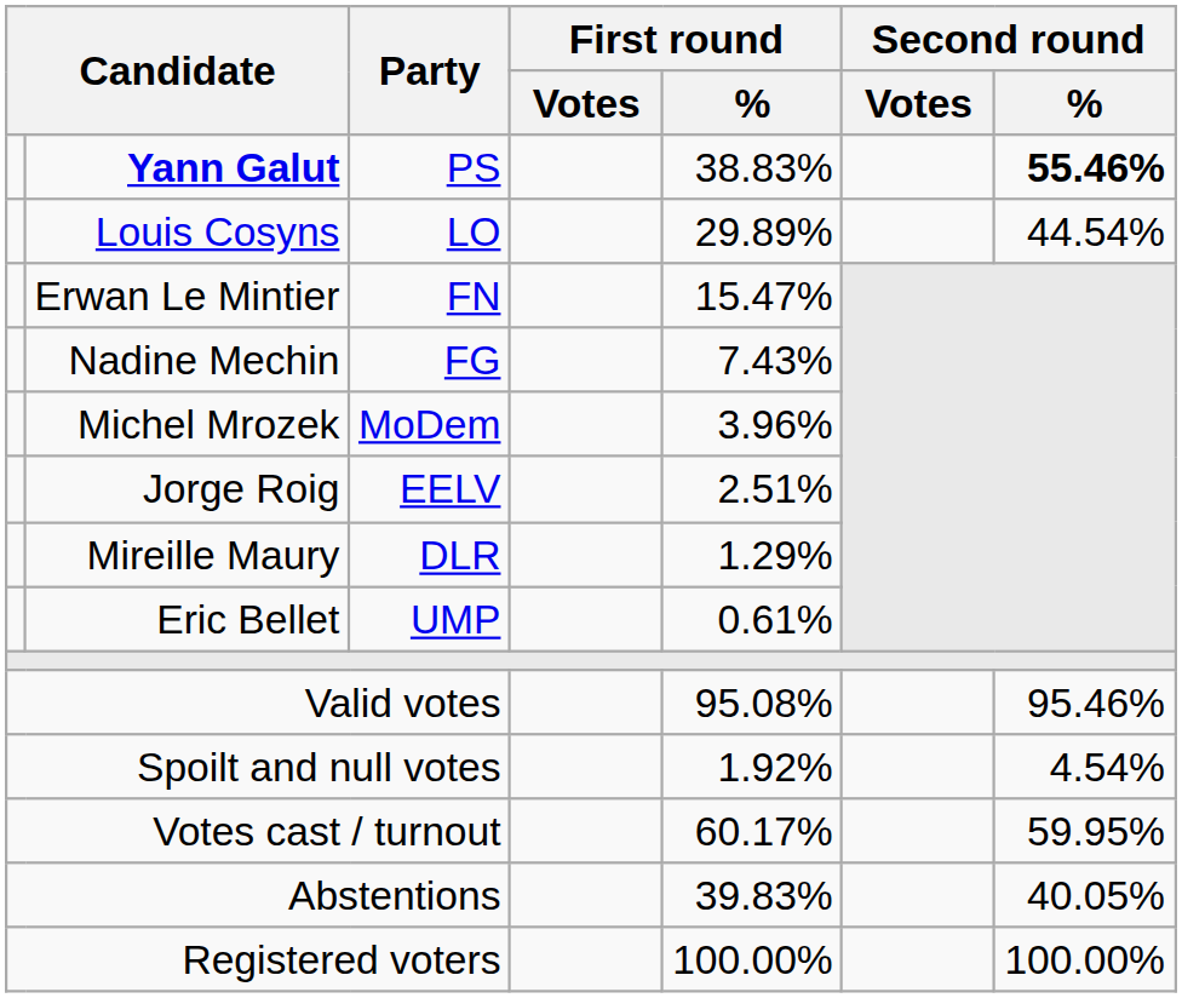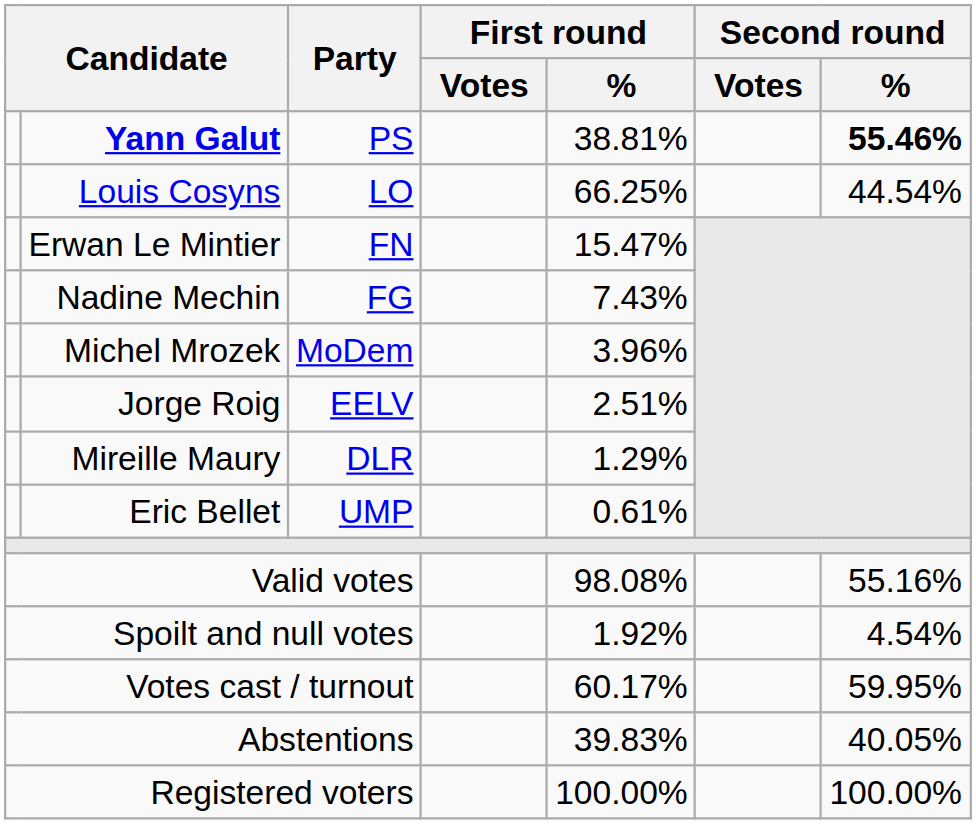 <table class="wikitable" style="text-align:right;font-size:95%;">
 <tr>
 <th rowspan=2 colspan=2>Candidate</th>
 <th rowspan=2 colspan=1>Party</th>
 <th colspan=2>First round</th>
 <th colspan=2>Second round</th>
 </tr>
 <tr>
 <th style="width:50px;">Votes</th>
 <th style="width:55px;">%</th>
 <th style="width:50px;">Votes</th>
 <th style="width:55px;">%</th>
 </tr>
 <tr>
 <td style="color:inherit;background-color:"></td>
 <td><strong><a href='#'>Yann Galut</a></strong></td>
 <td><a href='#'>PS</a></td>
 <td></td>
-<td>38.83%</td>
+<td>38.81%</td>
 <td><strong></strong></td>
 <td><strong>55.46%</strong></td>
 </tr>
 <tr>
 <td style="color:inherit;background-color:"></td>
 <td><a href='#'>Louis Cosyns</a></td>
 <td><a href='#'>LO</a></td>
 <td></td>
-<td>29.89%</td>
+<td>66.25%</td>
 <td></td>
 <td>44.54%</td>
 </tr>
 <tr>
 <td style="color:inherit;background-color:"></td>
 <td>Erwan Le Mintier</td>
 <td><a href='#'>FN</a></td>
 <td></td>
 <td>15.47%</td>
 <td colspan=7 rowspan=6 style="background-color:#E9E9E9;"></td>
 </tr>
 <tr>
 <td style="color:inherit;background-color:"></td>
 <td>Nadine Mechin</td>
 <td><a href='#'>FG</a></td>
 <td></td>
 <td>7.43%</td>
 </tr>
 <tr>
 <td style="color:inherit;background-color:"></td>
 <td>Michel Mrozek</td>
 <td><a href='#'>MoDem</a></td>
 <td></td>
 <td>3.96%</td>
 </tr>
 <tr>
 <td style="color:inherit;background-color:"></td>
 <td>Jorge Roig</td>
 <td><a href='#'>EELV</a></td>
 <td></td>
 <td>2.51%</td>
 </tr>
 <tr>
 <td style="color:inherit;background-color:"></td>
 <td>Mireille Maury</td>
 <td><a href='#'>DLR</a></td>
 <td></td>
 <td>1.29%</td>
 </tr>
 <tr>
 <td style="color:inherit;background-color:"></td>
 <td>Eric Bellet</td>
 <td><a href='#'>UMP</a></td>
 <td></td>
 <td>0.61%</td>
 </tr>
 <tr>
 <td colspan=7 style="background-color:#E9E9E9;"></td>
 </tr>
 <tr>
 <td colspan=3>Valid votes</td>
 <td></td>
-<td>95.08%</td>
+<td>98.08%</td>
 <td></td>
-<td>95.46%</td>
+<td>55.16%</td>
 </tr>
 <tr>
 <td colspan=3>Spoilt and null votes</td>
 <td></td>
 <td>1.92%</td>
 <td></td>
 <td>4.54%</td>
 </tr>
 <tr>
 <td colspan=3>Votes cast / turnout</td>
 <td></td>
 <td>60.17%</td>
 <td></td>
 <td>59.95%</td>
 </tr>
 <tr>
 <td colspan=3>Abstentions</td>
 <td></td>
 <td>39.83%</td>
 <td></td>
 <td>40.05%</td>
 </tr>
 <tr>
 <td colspan=3>Registered voters</td>
 <td></td>
 <td>100.00%</td>
 <td></td>
 <td>100.00%</td>
 </tr>
 </table>
